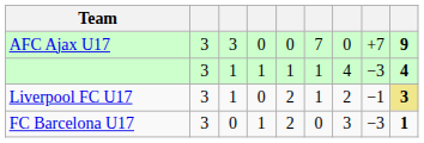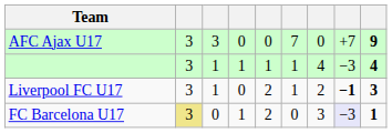 <table class="wikitable" style="text-align: center;">
 <tr>
 <th width=170>Team</th>
 <th width=20></th>
 <th width=20></th>
 <th width=20></th>
 <th width=20></th>
 <th width=20></th>
 <th width=20></th>
 <th width=20></th>
 <th width=20></th>
 </tr>
 <tr style="background:#cfc;">
 <td style="text-align:left;"> <a href='#'>AFC Ajax U17</a></td>
 <td>3</td>
 <td>3</td>
 <td>0</td>
 <td>0</td>
 <td>7</td>
 <td>0</td>
 <td>+7</td>
 <td><strong>9</strong></td>
 </tr>
 <tr style="background:#cfc;">
 <td style="text-align:left;"></td>
 <td>3</td>
 <td>1</td>
 <td>1</td>
 <td>1</td>
 <td>1</td>
 <td>4</td>
 <td>−3</td>
 <td><strong>4</strong></td>
 </tr>
 <tr>
 <td style="text-align:left;"> <a href='#'>Liverpool FC U17</a></td>
 <td>3</td>
 <td>1</td>
 <td>0</td>
 <td>2</td>
 <td>1</td>
 <td>2</td>
-<td>−1</td>
-<td style="background: khaki;"><strong>3</strong></td>
+<td><strong>−1</strong></td>
+<td><strong>3</strong></td>
 </tr>
 <tr>
 <td style="text-align:left;"> <a href='#'>FC Barcelona U17</a></td>
-<td>3</td>
+<td style="background: khaki;">3</td>
 <td>0</td>
 <td>1</td>
 <td>2</td>
 <td>0</td>
 <td>3</td>
-<td>−3</td>
+<td style="background: lavender;">−3</td>
 <td><strong>1</strong></td>
 </tr>
 </table>
